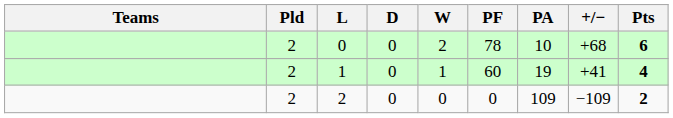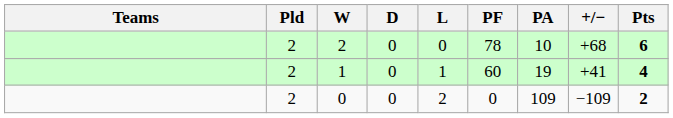 <table class="wikitable" style="text-align: center;">
 <tr>
 <th width="240">Teams</th>
 <th width="40">Pld</th>
+<th width="40">W</th>
+<th width="40">D</th>
 <th width="40">L</th>
-<th width="40">D</th>
-<th width="40">W</th>
 <th width="40">PF</th>
 <th width="40">PA</th>
 <th width="40">+/−</th>
 <th width="40">Pts</th>
 </tr>
 <tr style="background-color:#ccffcc;">
 <td align=left></td>
 <td>2</td>
+<td>2</td>
 <td>0</td>
 <td>0</td>
-<td>2</td>
 <td>78</td>
 <td>10</td>
 <td>+68</td>
 <td><strong>6</strong></td>
 </tr>
 <tr style="background-color:#ccffcc;">
 <td align=left></td>
 <td>2</td>
 <td>1</td>
 <td>0</td>
 <td>1</td>
 <td>60</td>
 <td>19</td>
 <td>+41</td>
 <td><strong>4</strong></td>
 </tr>
 <tr>
 <td align=left></td>
 <td>2</td>
-<td>2</td>
 <td>0</td>
 <td>0</td>
+<td>2</td>
 <td>0</td>
 <td>109</td>
 <td>−109</td>
 <td><strong>2</strong></td>
 </tr>
 </table>
